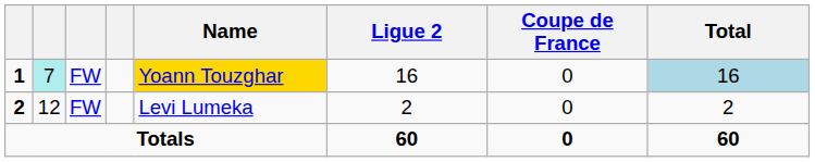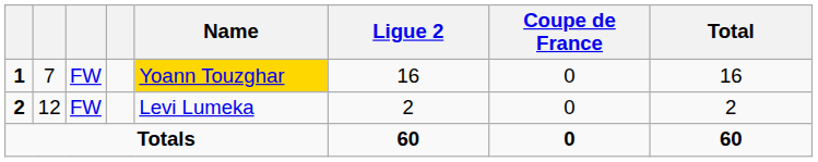 <table class="wikitable" style="text-align:center">
 <tr>
 <th width=15></th>
 <th width=15></th>
 <th width=15></th>
 <th width=15></th>
 <th width=145>Name</th>
 <th width=120><a href='#'>Ligue 2</a></th>
 <th width=120><a href='#'>Coupe de France</a></th>
 <th width=120>Total</th>
 </tr>
 <tr>
 <td><strong>1 </strong></td>
-<td style="background: paleturquoise;">7</td>
+<td>7</td>
 <td><a href='#'>FW</a></td>
 <td></td>
 <td align=left style="background: gold;"><a href='#'>Yoann Touzghar</a></td>
 <td>16</td>
 <td>0</td>
-<td style="background: lightblue;">16</td>
+<td>16</td>
 </tr>
 <tr>
 <td><strong>2 </strong></td>
 <td>12</td>
 <td><a href='#'>FW</a></td>
 <td></td>
 <td align=left><a href='#'>Levi Lumeka</a></td>
 <td>2</td>
 <td>0</td>
 <td>2</td>
 </tr>
 <tr>
 <td colspan=5><strong>Totals</strong></td>
 <td><strong>60 </strong></td>
 <td><strong>0 </strong></td>
 <td><strong>60 </strong></td>
 </tr>
 </table>
